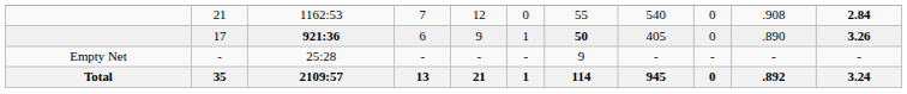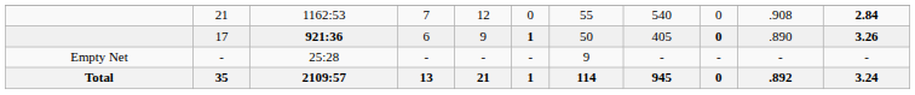 <table class="wikitable sortable" width ="1100">
 <tr align="center">
 </tr>
 <tr align="center" bgcolor="">
 <td></td>
 <td>21</td>
 <td>1162:53</td>
 <td>7</td>
 <td>12</td>
 <td>0</td>
 <td>55</td>
 <td>540</td>
 <td>0</td>
 <td>.908</td>
 <td><strong>2.84</strong></td>
 </tr>
 <tr align="center" bgcolor="f0f0f0">
 <td></td>
 <td>17</td>
 <td><strong>921:36</strong></td>
 <td>6</td>
 <td>9</td>
-<td>1</td>
-<td><strong>50</strong></td>
+<td><strong>1</strong></td>
+<td>50</td>
 <td>405</td>
-<td>0</td>
+<td><strong>0</strong></td>
 <td>.890</td>
 <td><strong>3.26</strong></td>
 </tr>
 <tr align="center" bgcolor="">
 <td>Empty Net</td>
 <td>-</td>
 <td>25:28</td>
 <td>-</td>
 <td>-</td>
 <td>-</td>
 <td>9</td>
 <td>-</td>
 <td>-</td>
 <td>-</td>
 <td>-</td>
 </tr>
 <tr>
 <th>Total</th>
 <th>35</th>
 <th>2109:57</th>
 <th>13</th>
 <th>21</th>
 <th>1</th>
 <th>114</th>
 <th>945</th>
 <th>0</th>
 <th>.892</th>
 <th>3.24</th>
 </tr>
 </table>
